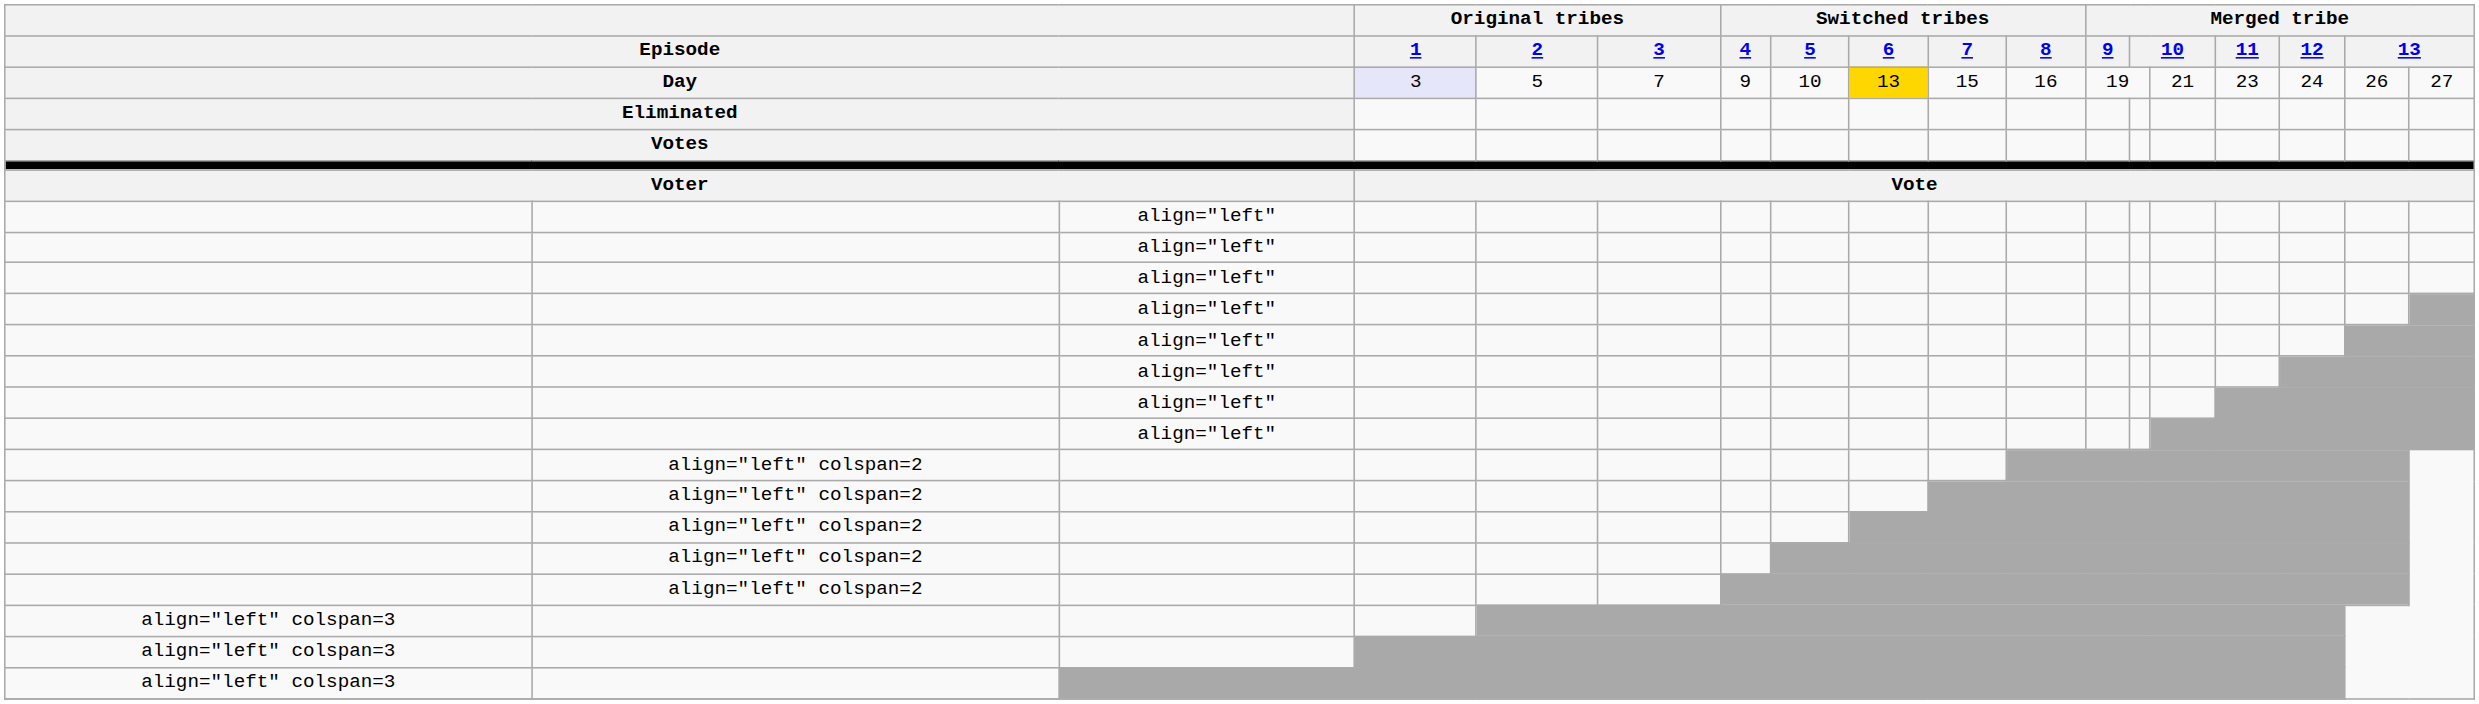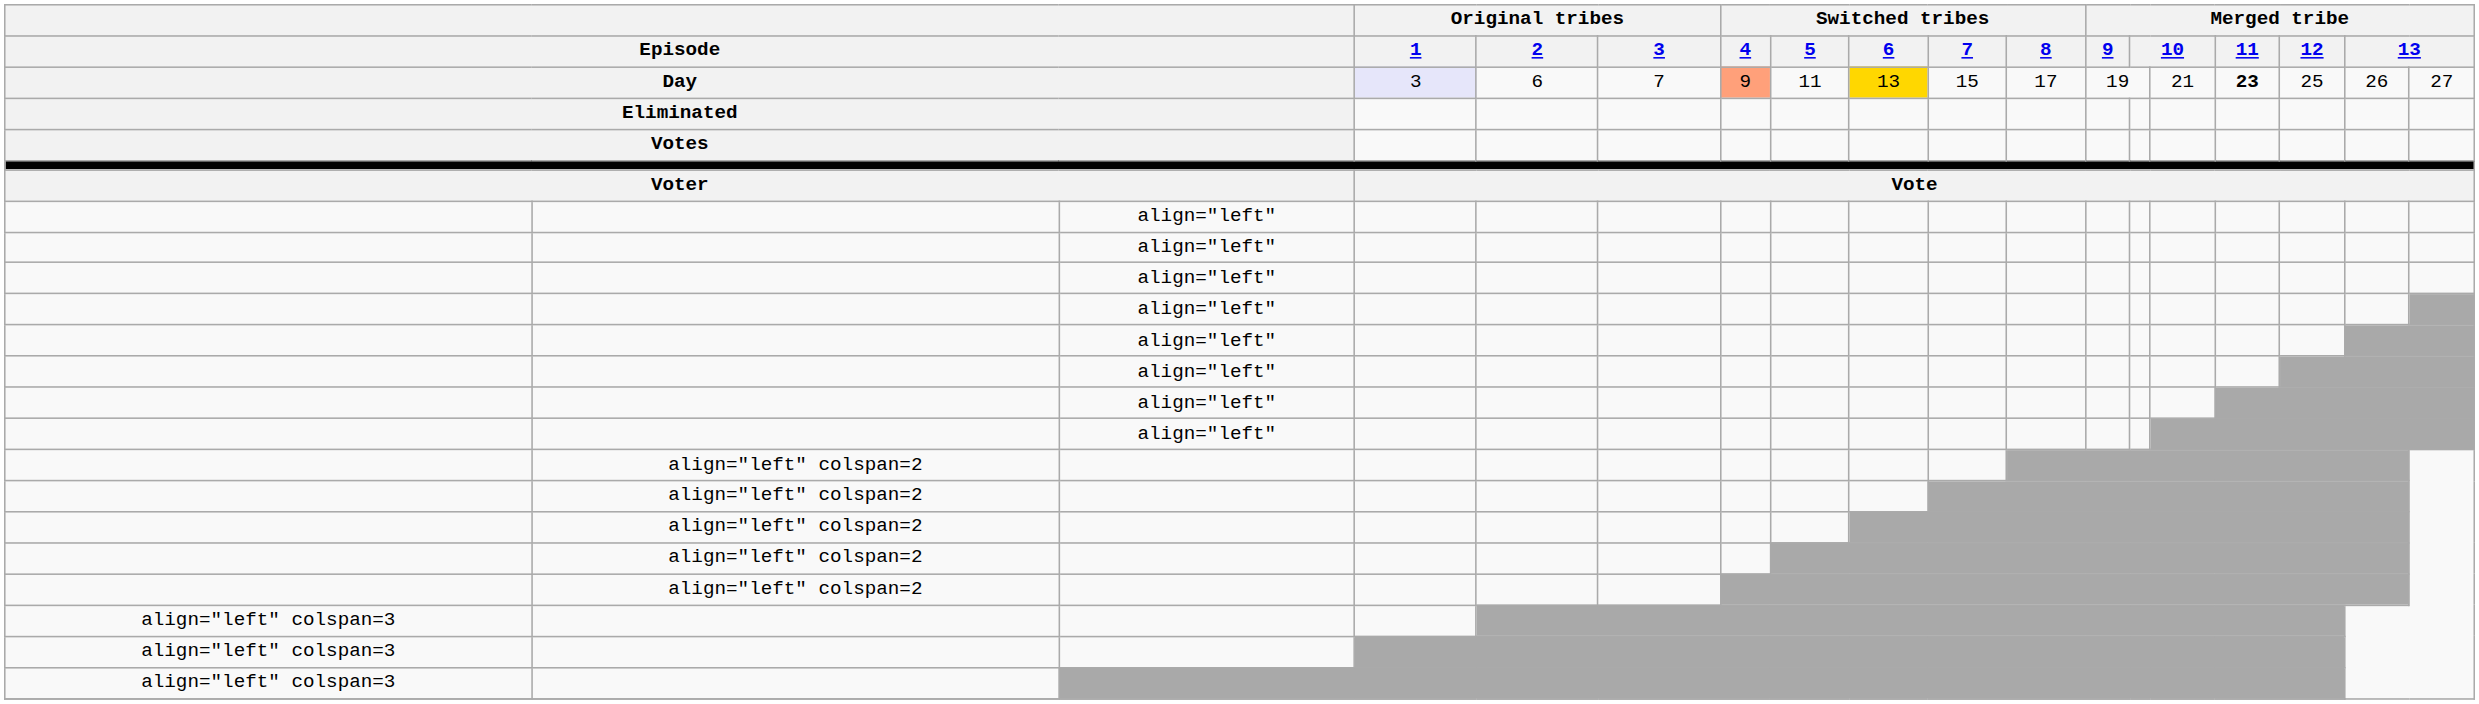 <table class="wikitable" style="text-align:center; font-size:95%; width:100%">
 <tr>
 <th colspan=3></th>
 <th colspan="3" align=center>Original tribes</th>
 <th colspan="5" align=center>Switched tribes</th>
 <th colspan="7" align=center>Merged tribe</th>
 </tr>
 <tr>
 <th colspan=3>Episode</th>
 <th><a href='#'>1</a></th>
 <th><a href='#'>2</a></th>
 <th><a href='#'>3</a></th>
 <th><a href='#'>4</a></th>
 <th><a href='#'>5</a></th>
 <th><a href='#'>6</a></th>
 <th><a href='#'>7</a></th>
 <th><a href='#'>8</a></th>
 <th><a href='#'>9</a></th>
 <th colspan="2"><a href='#'>10</a></th>
 <th><a href='#'>11</a></th>
 <th><a href='#'>12</a></th>
 <th colspan="2"><a href='#'>13</a></th>
 </tr>
 <tr>
 <th colspan=3>Day</th>
 <td style="background: lavender;">3</td>
-<td>5</td>
+<td>6</td>
 <td>7</td>
-<td>9</td>
-<td>10</td>
+<td style="background: lightsalmon;">9</td>
+<td>11</td>
 <td style="background: gold;">13</td>
 <td>15</td>
-<td>16</td>
+<td>17</td>
 <td colspan=2>19</td>
 <td>21</td>
-<td>23</td>
-<td>24</td>
+<td><strong>23</strong></td>
+<td>25</td>
 <td>26</td>
 <td>27</td>
 </tr>
 <tr>
 <th colspan=3>Eliminated</th>
 <td></td>
 <td></td>
 <td></td>
 <td></td>
 <td></td>
 <td></td>
 <td></td>
 <td></td>
 <td></td>
 <td></td>
 <td></td>
 <td></td>
 <td></td>
 <td></td>
 <td></td>
 </tr>
 <tr>
 <th colspan=3>Votes</th>
 <td></td>
 <td></td>
 <td></td>
 <td></td>
 <td></td>
 <td></td>
 <td></td>
 <td></td>
 <td></td>
 <td></td>
 <td></td>
 <td></td>
 <td></td>
 <td></td>
 <td></td>
 </tr>
 <tr>
 <td colspan="18" bgcolor="black"></td>
 </tr>
 <tr>
 <th colspan=3>Voter</th>
 <th colspan="15" align="center">Vote</th>
 </tr>
 <tr>
 <td></td>
 <td></td>
 <td>align="left" </td>
 <td></td>
 <td></td>
 <td></td>
 <td></td>
 <td></td>
 <td></td>
 <td></td>
 <td></td>
 <td></td>
 <td></td>
 <td></td>
 <td></td>
 <td></td>
 <td></td>
 <td></td>
 </tr>
 <tr>
 <td></td>
 <td></td>
 <td>align="left" </td>
 <td></td>
 <td></td>
 <td></td>
 <td></td>
 <td></td>
 <td></td>
 <td></td>
 <td></td>
 <td></td>
 <td></td>
 <td></td>
 <td></td>
 <td></td>
 <td></td>
 <td></td>
 </tr>
 <tr>
 <td></td>
 <td></td>
 <td>align="left" </td>
 <td></td>
 <td></td>
 <td></td>
 <td></td>
 <td></td>
 <td></td>
 <td></td>
 <td></td>
 <td></td>
 <td></td>
 <td></td>
 <td></td>
 <td></td>
 <td></td>
 <td></td>
 </tr>
 <tr>
 <td></td>
 <td></td>
 <td>align="left" </td>
 <td></td>
 <td></td>
 <td></td>
 <td></td>
 <td></td>
 <td></td>
 <td></td>
 <td></td>
 <td></td>
 <td></td>
 <td></td>
 <td></td>
 <td></td>
 <td></td>
 <td bgcolor="darkgray"></td>
 </tr>
 <tr>
 <td></td>
 <td></td>
 <td>align="left" </td>
 <td></td>
 <td></td>
 <td></td>
 <td></td>
 <td></td>
 <td></td>
 <td></td>
 <td></td>
 <td></td>
 <td></td>
 <td></td>
 <td></td>
 <td></td>
 <td colspan="2" bgcolor="darkgray"></td>
 </tr>
 <tr>
 <td></td>
 <td></td>
 <td>align="left" </td>
 <td></td>
 <td></td>
 <td></td>
 <td></td>
 <td></td>
 <td></td>
 <td></td>
 <td></td>
 <td></td>
 <td></td>
 <td></td>
 <td></td>
 <td colspan="3" bgcolor="darkgray"></td>
 </tr>
 <tr>
 <td></td>
 <td></td>
 <td>align="left" </td>
 <td></td>
 <td></td>
 <td></td>
 <td></td>
 <td></td>
 <td></td>
 <td></td>
 <td></td>
 <td></td>
 <td></td>
 <td></td>
 <td colspan="4" bgcolor="darkgray"></td>
 </tr>
 <tr>
 <td></td>
 <td></td>
 <td>align="left" </td>
 <td></td>
 <td></td>
 <td></td>
 <td></td>
 <td></td>
 <td></td>
 <td></td>
 <td></td>
 <td></td>
 <td></td>
 <td colspan="5" bgcolor="darkgray"></td>
 </tr>
 <tr>
 <td></td>
 <td>align="left" colspan=2 </td>
 <td></td>
 <td></td>
 <td></td>
 <td></td>
 <td></td>
 <td></td>
 <td></td>
 <td></td>
 <td colspan="7" bgcolor="darkgray"></td>
 </tr>
 <tr>
 <td></td>
 <td>align="left" colspan=2 </td>
 <td></td>
 <td></td>
 <td></td>
 <td></td>
 <td></td>
 <td></td>
 <td></td>
 <td colspan="8" bgcolor="darkgray"></td>
 </tr>
 <tr>
 <td></td>
 <td>align="left" colspan=2 </td>
 <td></td>
 <td></td>
 <td></td>
 <td></td>
 <td></td>
 <td></td>
 <td colspan="9" bgcolor="darkgray"></td>
 </tr>
 <tr>
 <td></td>
 <td>align="left" colspan=2 </td>
 <td></td>
 <td></td>
 <td></td>
 <td></td>
 <td></td>
 <td colspan="10" bgcolor="darkgray"></td>
 </tr>
 <tr>
 <td></td>
 <td>align="left" colspan=2 </td>
 <td></td>
 <td></td>
 <td></td>
 <td></td>
 <td colspan="11" bgcolor="darkgray"></td>
 </tr>
 <tr>
 <td>align="left" colspan=3 </td>
 <td></td>
 <td></td>
 <td></td>
 <td colspan="12" bgcolor="darkgray"></td>
 </tr>
 <tr>
 <td>align="left" colspan=3 </td>
 <td></td>
 <td></td>
 <td colspan="13" bgcolor="darkgray"></td>
 </tr>
 <tr>
 <td>align="left" colspan=3 </td>
 <td></td>
 <td colspan="14" bgcolor="darkgray"></td>
 </tr>
 <tr>
 </tr>
 </table>
